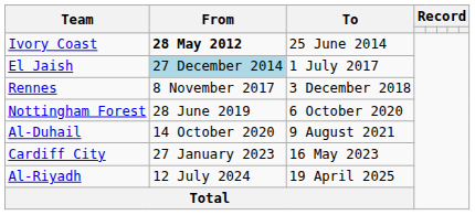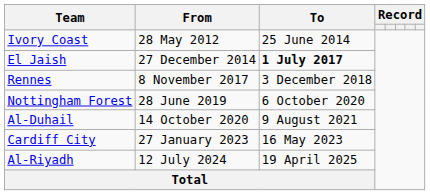 <table class="wikitable" style="text-align: center;">
 <tr>
 <th rowspan="2">Team</th>
 <th rowspan="2">From</th>
 <th rowspan="2">To</th>
 <th colspan="7">Record</th>
 </tr>
 <tr>
 <th></th>
 <th></th>
 <th></th>
 <th></th>
 <th></th>
 </tr>
 <tr>
 <td align=left><a href='#'>Ivory Coast</a></td>
-<td align=left><strong>28 May 2012</strong></td>
+<td align=left>28 May 2012</td>
 <td align=left>25 June 2014<br></td>
 </tr>
 <tr>
 <td align=left><a href='#'>El Jaish</a></td>
-<td align=left style="background: lightblue;">27 December 2014</td>
-<td align=left>1 July 2017<br></td>
+<td align=left>27 December 2014</td>
+<td align=left><strong>1 July 2017<br></strong></td>
 </tr>
 <tr>
 <td align=left><a href='#'>Rennes</a></td>
 <td align=left>8 November 2017</td>
 <td align=left>3 December 2018<br></td>
 </tr>
 <tr>
 <td align=left><a href='#'>Nottingham Forest</a></td>
 <td align=left>28 June 2019</td>
 <td align=left>6 October 2020<br></td>
 </tr>
 <tr>
 <td align=left><a href='#'>Al-Duhail</a></td>
 <td align=left>14 October 2020</td>
 <td align=left>9 August 2021<br></td>
 </tr>
 <tr>
 <td align=left><a href='#'>Cardiff City</a></td>
 <td align=left>27 January 2023</td>
 <td align=left>16 May 2023<br></td>
 </tr>
 <tr>
 <td align=left><a href='#'>Al-Riyadh</a></td>
 <td align=left>12 July 2024</td>
 <td align=left>19 April 2025<br></td>
 </tr>
 <tr>
 <th colspan="3">Total<br></th>
 </tr>
 </table>
